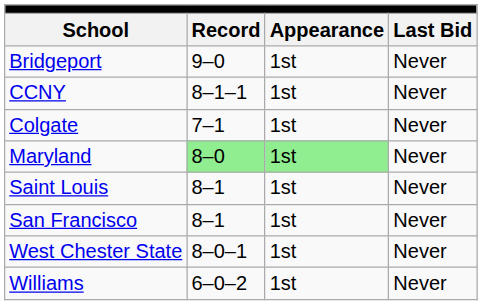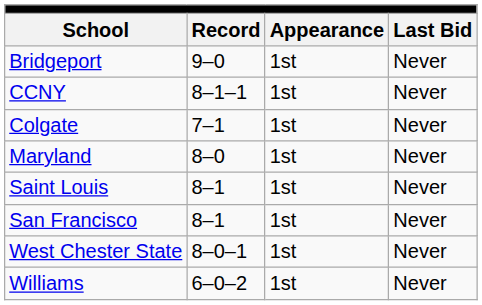 <table class="wikitable">
 <tr>
 <th colspan="5" style="background:#000000"></th>
 </tr>
 <tr>
 <th>School</th>
 <th>Record</th>
 <th>Appearance</th>
 <th>Last Bid</th>
 </tr>
 <tr>
 <td><a href='#'>Bridgeport</a></td>
 <td>9–0</td>
 <td>1st</td>
 <td>Never</td>
 </tr>
 <tr>
 <td><a href='#'>CCNY</a></td>
 <td>8–1–1</td>
 <td>1st</td>
 <td>Never</td>
 </tr>
 <tr>
 <td><a href='#'>Colgate</a></td>
 <td>7–1</td>
 <td>1st</td>
 <td>Never</td>
 </tr>
 <tr>
 <td><a href='#'>Maryland</a></td>
-<td style="background: lightgreen;">8–0</td>
-<td style="background: lightgreen;">1st</td>
+<td>8–0</td>
+<td>1st</td>
 <td>Never</td>
 </tr>
 <tr>
 <td><a href='#'>Saint Louis</a></td>
 <td>8–1</td>
 <td>1st</td>
 <td>Never</td>
 </tr>
 <tr>
 <td><a href='#'>San Francisco</a></td>
 <td>8–1</td>
 <td>1st</td>
 <td>Never</td>
 </tr>
 <tr>
 <td><a href='#'>West Chester State</a></td>
 <td>8–0–1</td>
 <td>1st</td>
 <td>Never</td>
 </tr>
 <tr>
 <td><a href='#'>Williams</a></td>
 <td>6–0–2</td>
 <td>1st</td>
 <td>Never</td>
 </tr>
 </table>
